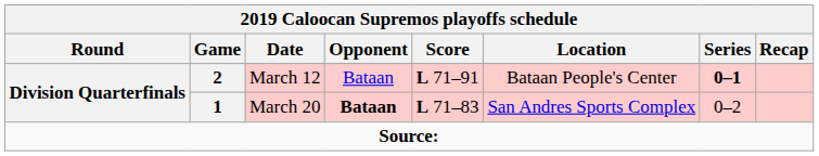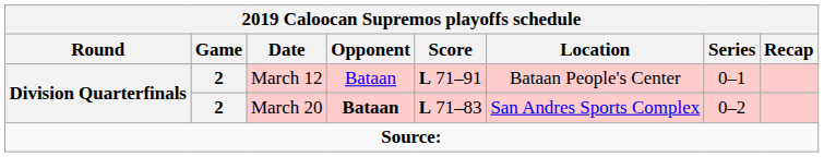 <table class="wikitable" style="text-align:center">
 <tr>
 <th colspan=8>2019 Caloocan Supremos playoffs schedule</th>
 </tr>
 <tr>
 <th>Round</th>
 <th>Game</th>
 <th>Date</th>
 <th>Opponent</th>
 <th>Score</th>
 <th>Location</th>
 <th>Series</th>
 <th>Recap<br></th>
 </tr>
 <tr style="background:#fcc">
 <th rowspan=2>Division Quarterfinals</th>
 <th>2</th>
 <td>March 12</td>
 <td><a href='#'>Bataan</a></td>
 <td><strong>L</strong> 71–91</td>
 <td>Bataan People's Center</td>
-<td><strong>0–1</strong></td>
+<td>0–1</td>
 <td></td>
 </tr>
 <tr style="background:#fcc">
-<th>1</th>
+<th>2</th>
 <td>March 20</td>
 <td><strong>Bataan</strong></td>
 <td><strong>L</strong> 71–83</td>
 <td><a href='#'>San Andres Sports Complex</a></td>
 <td>0–2</td>
 <td></td>
 </tr>
 <tr>
 <td colspan=8 align=center><strong>Source: </strong></td>
 </tr>
 </table>
